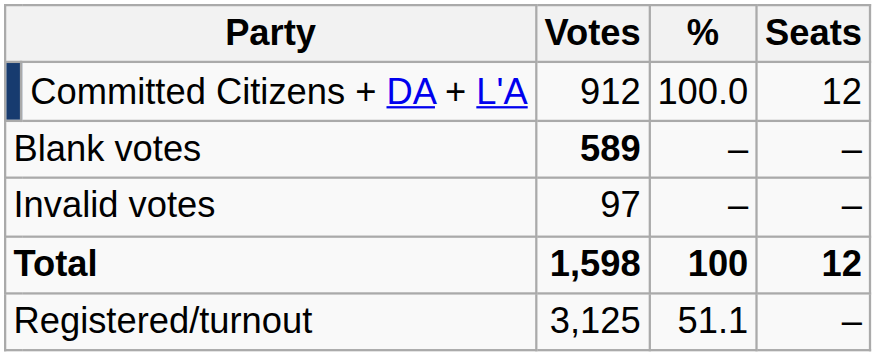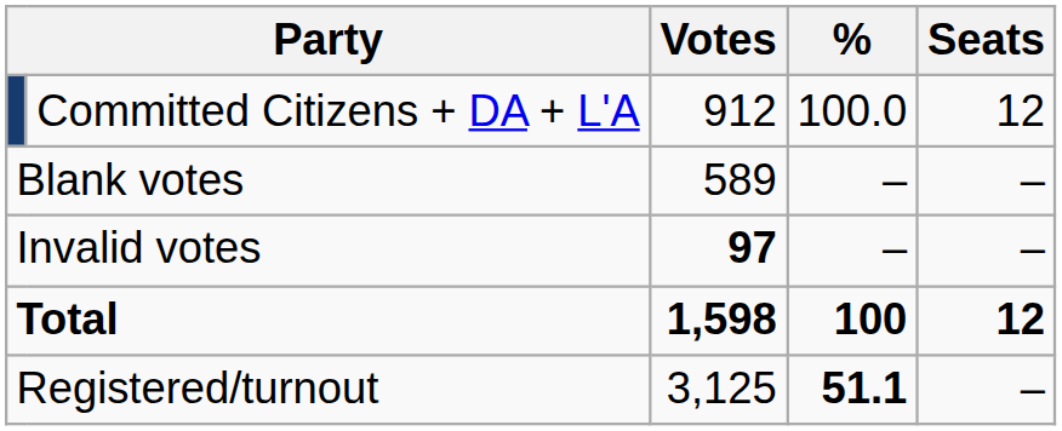 <table class=wikitable style=text-align:right>
 <tr>
 <th colspan="2">Party</th>
 <th>Votes</th>
 <th>%</th>
 <th>Seats</th>
 </tr>
 <tr>
 <td bgcolor = #173b6f></td>
 <td align=left>Committed Citizens + <a href='#'>DA</a> + <a href='#'>L'A</a></td>
 <td>912</td>
 <td>100.0</td>
 <td>12</td>
 </tr>
 <tr>
 <td colspan=2 align=left>Blank votes</td>
-<td><strong>589</strong></td>
+<td>589</td>
 <td>–</td>
 <td>–</td>
 </tr>
 <tr>
 <td colspan=2 align=left>Invalid votes</td>
-<td>97</td>
+<td><strong>97</strong></td>
 <td>–</td>
 <td>–</td>
 </tr>
 <tr>
 <td colspan=2 align=left><strong>Total</strong></td>
 <td><strong>1,598</strong></td>
 <td><strong>100</strong></td>
 <td><strong>12</strong></td>
 </tr>
 <tr>
 <td colspan=2 align=left>Registered/turnout</td>
 <td>3,125</td>
-<td>51.1</td>
+<td><strong>51.1</strong></td>
 <td>–</td>
 </tr>
 </table>
